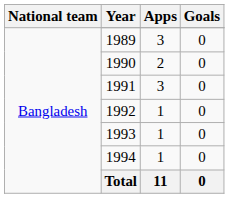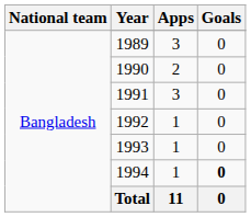 <table class="wikitable" style="text-align: center;">
 <tr>
 <th>National team</th>
 <th>Year</th>
 <th>Apps</th>
 <th>Goals</th>
 </tr>
 <tr>
 <td rowspan="8"><a href='#'>Bangladesh</a></td>
 </tr>
 <tr>
 <td>1989</td>
 <td>3</td>
 <td>0</td>
 </tr>
 <tr>
 <td>1990</td>
 <td>2</td>
 <td>0</td>
 </tr>
 <tr>
 <td>1991</td>
 <td>3</td>
 <td>0</td>
 </tr>
 <tr>
 <td>1992</td>
 <td>1</td>
 <td>0</td>
 </tr>
 <tr>
 <td>1993</td>
 <td>1</td>
 <td>0</td>
 </tr>
 <tr>
 <td>1994</td>
 <td>1</td>
-<td>0</td>
+<td><strong>0</strong></td>
 </tr>
 <tr>
 <th>Total</th>
 <th>11</th>
 <th>0</th>
 </tr>
 </table>
